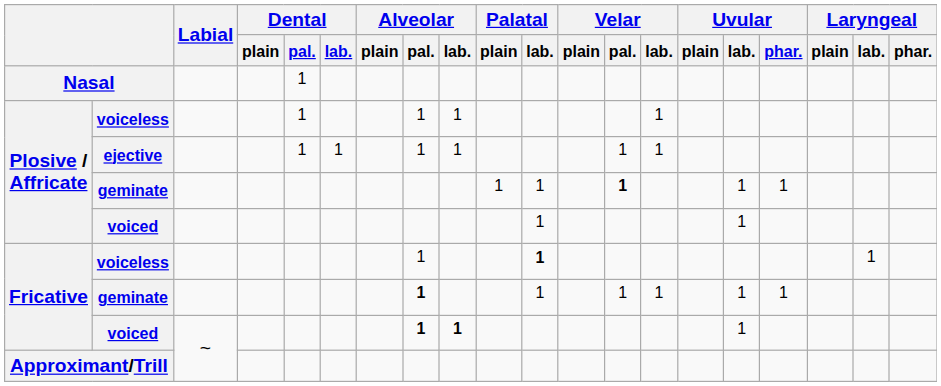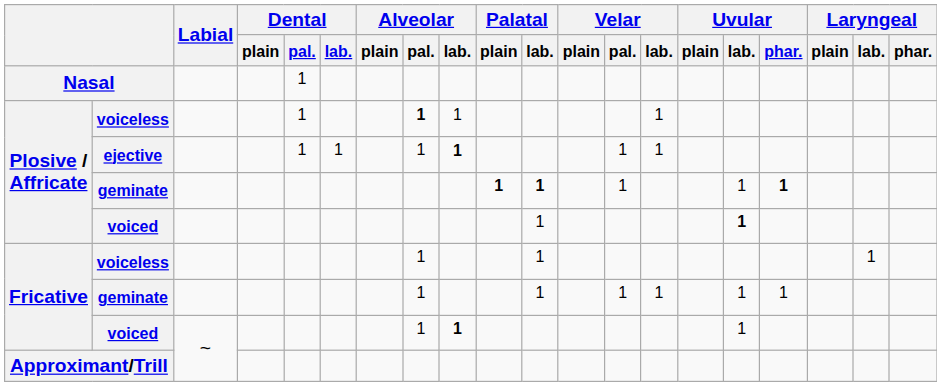 <table class="wikitable" style=text-align:center>
 <tr>
 <th rowspan=2 colspan=2></th>
 <th rowspan=2><a href='#'>Labial</a></th>
 <th colspan=3><a href='#'>Dental</a></th>
 <th colspan=3><a href='#'>Alveolar</a></th>
 <th colspan=2><a href='#'>Palatal</a></th>
 <th colspan=3><a href='#'>Velar</a></th>
 <th colspan=3><a href='#'>Uvular</a></th>
 <th colspan=3><a href='#'>Laryngeal</a></th>
 </tr>
 <tr>
 <th><small>plain</small></th>
 <th><small><a href='#'>pal.</a></small></th>
 <th><small><a href='#'>lab.</a></small></th>
 <th><small>plain</small></th>
 <th><small>pal.</small></th>
 <th><small>lab.</small></th>
 <th><small>plain</small></th>
 <th><small>lab.</small></th>
 <th><small>plain</small></th>
 <th><small>pal.</small></th>
 <th><small>lab.</small></th>
 <th><small>plain</small></th>
 <th><small>lab.</small></th>
 <th><small><a href='#'>phar.</a></small></th>
 <th><small>plain</small></th>
 <th><small>lab.</small></th>
 <th><small>phar.</small></th>
 </tr>
 <tr>
 <th colspan=2><a href='#'>Nasal</a></th>
 <td></td>
 <td></td>
 <td><sup>1</sup></td>
 <td></td>
 <td></td>
 <td></td>
 <td></td>
 <td></td>
 <td></td>
 <td></td>
 <td></td>
 <td></td>
 <td></td>
 <td></td>
 <td></td>
 <td></td>
 <td></td>
 <td></td>
 </tr>
 <tr>
 <th rowspan=4><a href='#'>Plosive</a> /<br><a href='#'>Affricate</a></th>
 <th><small><a href='#'>voiceless</a></small></th>
 <td></td>
 <td></td>
 <td><sup>1</sup></td>
 <td></td>
 <td></td>
-<td><sup>1</sup></td>
+<td><strong><sup>1</sup></strong></td>
 <td><sup>1</sup></td>
 <td></td>
 <td></td>
 <td></td>
 <td></td>
 <td><sup>1</sup></td>
 <td></td>
 <td></td>
 <td></td>
 <td></td>
 <td></td>
 <td></td>
 </tr>
 <tr>
 <th><small><a href='#'>ejective</a></small></th>
 <td></td>
 <td></td>
 <td><sup>1</sup></td>
 <td><sup>1</sup></td>
 <td></td>
 <td><sup>1</sup></td>
-<td><sup>1</sup></td>
+<td><strong><sup>1</sup></strong></td>
 <td></td>
 <td></td>
 <td></td>
 <td><sup>1</sup></td>
 <td><sup>1</sup></td>
 <td></td>
 <td></td>
 <td></td>
 <td></td>
 <td></td>
 <td></td>
 </tr>
 <tr>
 <th><small><a href='#'>geminate</a></small></th>
 <td></td>
 <td></td>
 <td></td>
 <td></td>
 <td></td>
 <td></td>
 <td></td>
+<td><strong><sup>1</sup></strong></td>
+<td><strong><sup>1</sup></strong></td>
+<td></td>
 <td><sup>1</sup></td>
-<td><sup>1</sup></td>
-<td></td>
-<td><strong><sup>1</sup></strong></td>
 <td></td>
 <td></td>
 <td><sup>1</sup></td>
-<td><sup>1</sup></td>
+<td><strong><sup>1</sup></strong></td>
 <td></td>
 <td></td>
 <td></td>
 </tr>
 <tr>
 <th><small><a href='#'>voiced</a></small></th>
 <td></td>
 <td></td>
 <td></td>
 <td></td>
 <td></td>
 <td></td>
 <td></td>
 <td></td>
 <td><sup>1</sup></td>
 <td></td>
 <td></td>
 <td></td>
 <td></td>
-<td><sup>1</sup></td>
+<td><strong><sup>1</sup></strong></td>
 <td></td>
 <td></td>
 <td></td>
 <td></td>
 </tr>
 <tr>
 <th rowspan=3><a href='#'>Fricative</a></th>
 <th><small><a href='#'>voiceless</a></small></th>
 <td></td>
 <td></td>
 <td></td>
 <td></td>
 <td></td>
 <td><sup>1</sup></td>
 <td></td>
 <td></td>
-<td><strong><sup>1</sup></strong></td>
+<td><sup>1</sup></td>
 <td></td>
 <td></td>
 <td></td>
 <td></td>
 <td></td>
 <td></td>
 <td></td>
 <td><sup>1</sup></td>
 <td></td>
 </tr>
 <tr>
 <th><small><a href='#'>geminate</a></small></th>
 <td></td>
 <td></td>
 <td></td>
 <td></td>
 <td></td>
-<td><strong><sup>1</sup></strong></td>
+<td><sup>1</sup></td>
 <td></td>
 <td></td>
 <td><sup>1</sup></td>
 <td></td>
 <td><sup>1</sup></td>
 <td><sup>1</sup></td>
 <td></td>
 <td><sup>1</sup></td>
 <td><sup>1</sup></td>
 <td></td>
 <td></td>
 <td></td>
 </tr>
 <tr>
 <th><small><a href='#'>voiced</a></small></th>
 <td rowspan="2"> ~ </td>
 <td></td>
 <td></td>
 <td></td>
 <td></td>
-<td><strong><sup>1</sup></strong></td>
+<td><sup>1</sup></td>
 <td><strong><sup>1</sup></strong></td>
 <td></td>
 <td></td>
 <td></td>
 <td></td>
 <td></td>
 <td></td>
 <td><sup>1</sup></td>
 <td></td>
 <td></td>
 <td></td>
 <td></td>
 </tr>
 <tr>
 <th colspan=2><a href='#'>Approximant</a>/<a href='#'>Trill</a></th>
 <td></td>
 <td></td>
 <td></td>
 <td></td>
 <td></td>
 <td></td>
 <td></td>
 <td></td>
 <td></td>
 <td></td>
 <td></td>
 <td></td>
 <td></td>
 <td></td>
 <td></td>
 <td></td>
 <td></td>
 </tr>
 </table>
